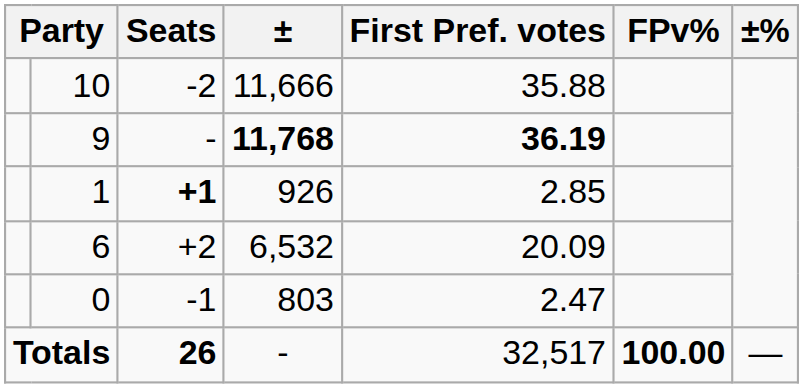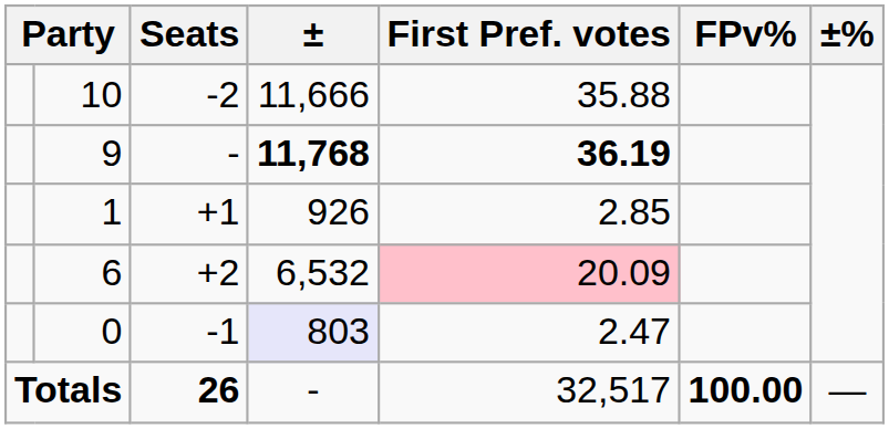 <table class=wikitable>
 <tr>
 <th colspan=2 align=center>Party</th>
 <th valign=top>Seats</th>
 <th valign=top>±</th>
 <th valign=top>First Pref. votes</th>
 <th valign=top>FPv%</th>
 <th valign=top>±%</th>
 </tr>
 <tr>
 <td></td>
 <td align=right>10</td>
 <td align=right>-2</td>
 <td align=right>11,666</td>
 <td align=right>35.88</td>
 <td align=right></td>
 </tr>
 <tr>
 <td></td>
 <td align=right>9</td>
 <td align=right>-</td>
 <td align=right><strong>11,768</strong></td>
 <td align=right><strong>36.19</strong></td>
 <td align=right></td>
 </tr>
 <tr>
 <td></td>
 <td align=right>1</td>
-<td align=right><strong>+1</strong></td>
+<td align=right>+1</td>
 <td align=right>926</td>
 <td align=right>2.85</td>
 <td align=right></td>
 </tr>
 <tr>
 <td></td>
 <td align=right>6</td>
 <td align=right>+2</td>
 <td align=right>6,532</td>
-<td align=right>20.09</td>
+<td align=right style="background: pink;">20.09</td>
 <td align=right></td>
 </tr>
 <tr>
 <td></td>
 <td align=right>0</td>
 <td align=right>-1</td>
-<td align=right>803</td>
+<td align=right style="background: lavender;">803</td>
 <td align=right>2.47</td>
 <td align=right></td>
 </tr>
 <tr>
 <td colspan=2 align=center><strong>Totals</strong></td>
 <td align=right><strong>26</strong></td>
 <td align=center>-</td>
 <td align=right>32,517</td>
 <td align=center><strong>100.00</strong></td>
 <td align=center>—</td>
 </tr>
 </table>
